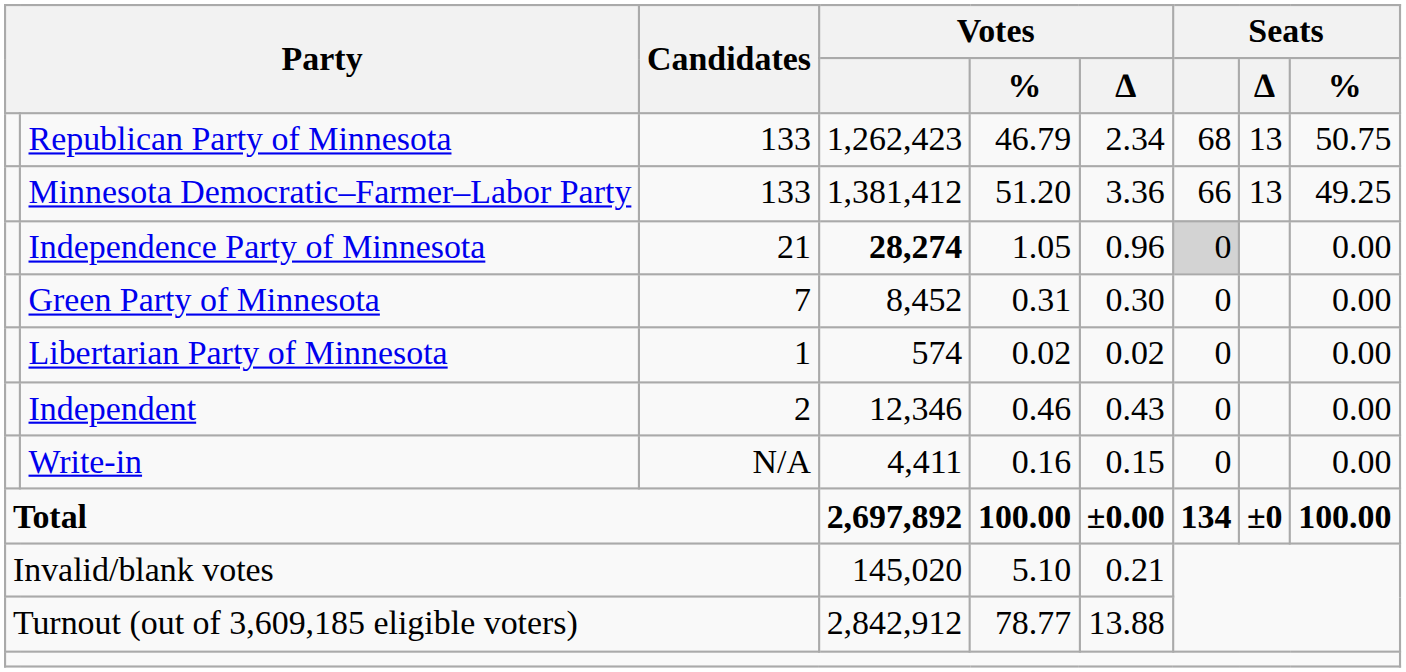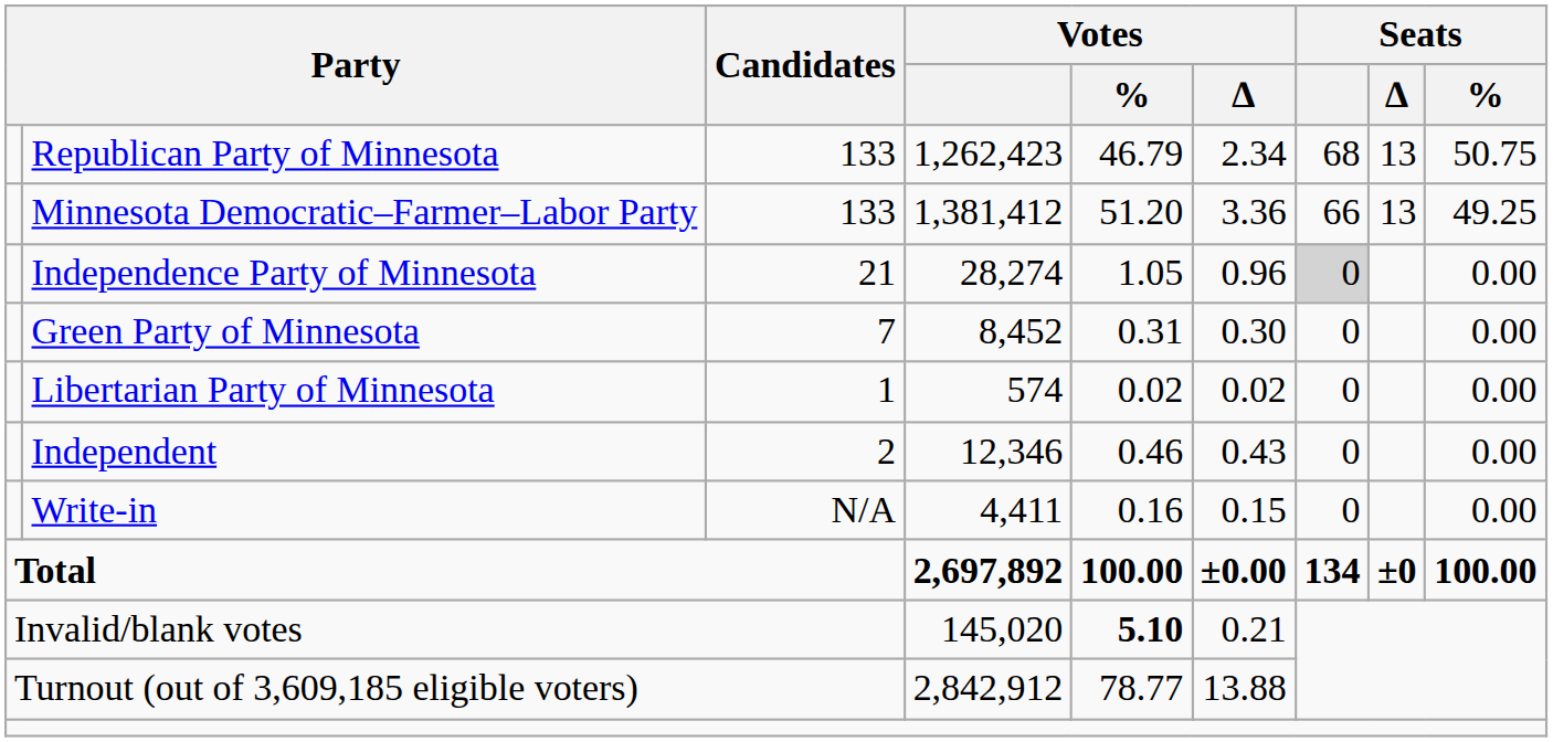 <table class="wikitable">
 <tr>
 <th rowspan="2" colspan="2">Party</th>
 <th rowspan="2">Candidates</th>
 <th colspan="3">Votes</th>
 <th colspan="3">Seats</th>
 </tr>
 <tr>
 <th></th>
 <th>%</th>
 <th>∆</th>
 <th></th>
 <th>∆</th>
 <th>%</th>
 </tr>
 <tr>
 <td style="background-color:"></td>
 <td><a href='#'>Republican Party of Minnesota</a></td>
 <td align="right">133</td>
 <td align="right">1,262,423</td>
 <td align="right">46.79</td>
 <td align="right">2.34</td>
 <td align="right">68</td>
 <td align="right">13</td>
 <td align="right">50.75</td>
 </tr>
 <tr>
 <td style="background-color:"></td>
 <td><a href='#'>Minnesota Democratic–Farmer–Labor Party</a></td>
 <td align="right">133</td>
 <td align="right">1,381,412</td>
 <td align="right">51.20</td>
 <td align="right">3.36</td>
 <td align="right">66</td>
 <td align="right">13</td>
 <td align="right">49.25</td>
 </tr>
 <tr>
 <td style="background-color:"></td>
 <td><a href='#'>Independence Party of Minnesota</a></td>
 <td align="right">21</td>
-<td align="right"><strong>28,274</strong></td>
+<td align="right">28,274</td>
 <td align="right">1.05</td>
 <td align="right">0.96</td>
 <td align="right" style="background: lightgrey;">0</td>
 <td align="right"></td>
 <td align="right">0.00</td>
 </tr>
 <tr>
 <td style="background-color:"></td>
 <td><a href='#'>Green Party of Minnesota</a></td>
 <td align="right">7</td>
 <td align="right">8,452</td>
 <td align="right">0.31</td>
 <td align="right">0.30</td>
 <td align="right">0</td>
 <td align="right"></td>
 <td align="right">0.00</td>
 </tr>
 <tr>
 <td style="background-color:"></td>
 <td><a href='#'>Libertarian Party of Minnesota</a></td>
 <td align="right">1</td>
 <td align="right">574</td>
 <td align="right">0.02</td>
 <td align="right">0.02</td>
 <td align="right">0</td>
 <td align="right"></td>
 <td align="right">0.00</td>
 </tr>
 <tr>
 <td style="background-color:"></td>
 <td><a href='#'>Independent</a></td>
 <td align="right">2</td>
 <td align="right">12,346</td>
 <td align="right">0.46</td>
 <td align="right">0.43</td>
 <td align="right">0</td>
 <td align="right"></td>
 <td align="right">0.00</td>
 </tr>
 <tr>
 <td style="background-color:"></td>
 <td><a href='#'>Write-in</a></td>
 <td align="right">N/A</td>
 <td align="right">4,411</td>
 <td align="right">0.16</td>
 <td align="right">0.15</td>
 <td align="right">0</td>
 <td align="right"></td>
 <td align="right">0.00</td>
 </tr>
 <tr>
 <td colspan="3" align="left"><strong>Total</strong></td>
 <td align="right"><strong>2,697,892</strong></td>
 <td align="right"><strong>100.00</strong></td>
 <td align="right"><strong>±0.00</strong></td>
 <td align="right"><strong>134</strong></td>
 <td align="right"><strong>±0</strong></td>
 <td align="right"><strong>100.00</strong></td>
 </tr>
 <tr>
 <td colspan="3" align="left">Invalid/blank votes</td>
 <td colspan="1" align="right">145,020</td>
-<td colspan="1" align="right">5.10</td>
+<td colspan="1" align="right"><strong>5.10</strong></td>
 <td colspan="1" align="right">0.21</td>
 <td rowspan="2" colspan="3"></td>
 </tr>
 <tr>
 <td colspan="3" align="left">Turnout (out of 3,609,185 eligible voters)</td>
 <td colspan="1" align="right">2,842,912</td>
 <td colspan="1" align="right">78.77</td>
 <td colspan="1" align="right">13.88</td>
 </tr>
 <tr>
 <td colspan="9"></td>
 </tr>
 </table>
